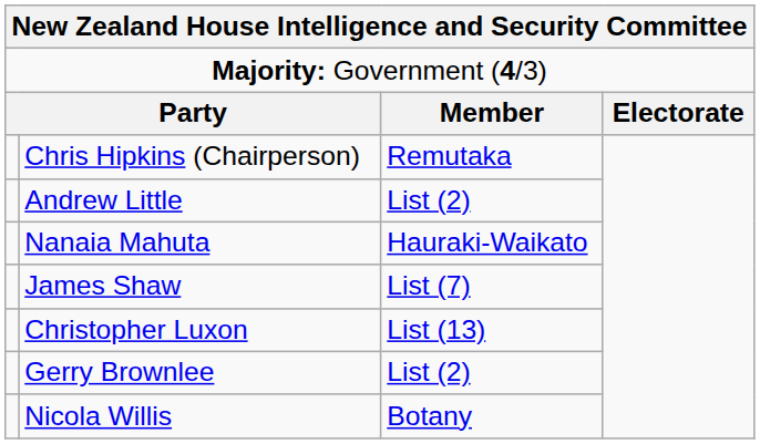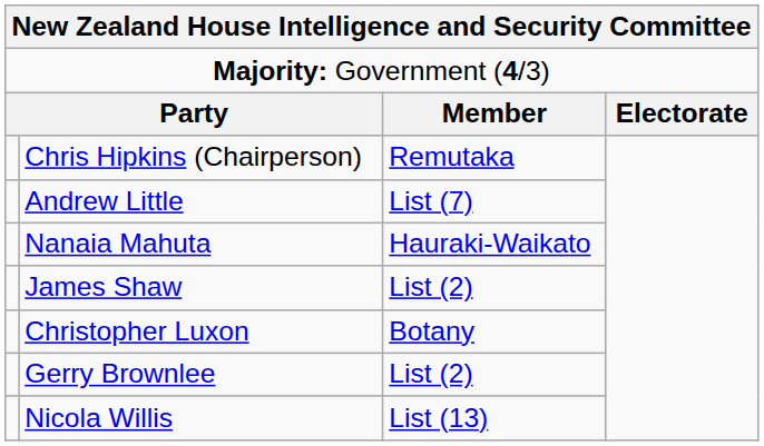 <table class="wikitable">
 <tr>
 <th colspan="4">New Zealand House Intelligence and Security Committee</th>
 </tr>
 <tr>
 <td colspan="4" style="text-align:center; background:"><strong>Majority:</strong> Government (<strong>4</strong>/3)</td>
 </tr>
 <tr>
 <th colspan="2">Party</th>
 <th>Member</th>
 <th>Electorate</th>
 </tr>
 <tr>
 <td></td>
 <td><a href='#'>Chris Hipkins</a> (Chairperson)</td>
 <td><a href='#'>Remutaka</a></td>
 </tr>
 <tr>
 <td></td>
 <td><a href='#'>Andrew Little</a></td>
-<td><a href='#'>List (2)</a></td>
+<td><a href='#'>List (7)</a></td>
 </tr>
 <tr>
 <td></td>
 <td><a href='#'>Nanaia Mahuta</a></td>
 <td><a href='#'>Hauraki-Waikato</a></td>
 </tr>
 <tr>
 <td></td>
 <td><a href='#'>James Shaw</a></td>
-<td><a href='#'>List (7)</a></td>
+<td><a href='#'>List (2)</a></td>
 </tr>
 <tr>
 <td></td>
 <td><a href='#'>Christopher Luxon</a></td>
-<td><a href='#'>List (13)</a></td>
+<td><a href='#'>Botany</a></td>
 </tr>
 <tr>
 <td></td>
 <td><a href='#'>Gerry Brownlee</a></td>
 <td><a href='#'>List (2)</a></td>
 </tr>
 <tr>
 <td></td>
 <td><a href='#'>Nicola Willis</a></td>
-<td><a href='#'>Botany</a></td>
+<td><a href='#'>List (13)</a></td>
 </tr>
 </table>
